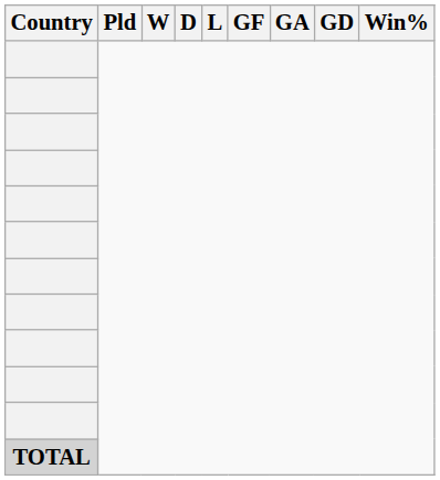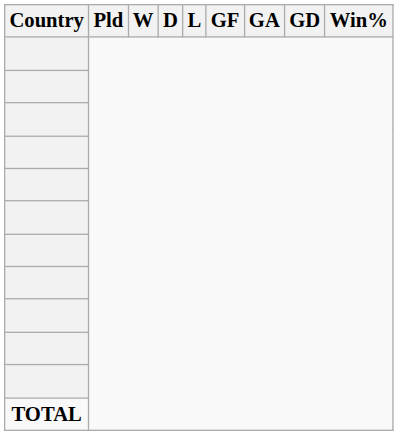 <table class="wikitable sortable plainrowheaders" style="text-align:center">
 <tr>
 <th scope="col">Country</th>
 <th scope="col">Pld</th>
 <th scope="col">W</th>
 <th scope="col">D</th>
 <th scope="col">L</th>
 <th scope="col">GF</th>
 <th scope="col">GA</th>
 <th scope="col">GD</th>
 <th scope="col">Win%</th>
 </tr>
 <tr>
 <th scope="row" align="left"><br></th>
 </tr>
 <tr>
 <th scope="row" align="left"><br></th>
 </tr>
 <tr>
 <th scope="row" align="left"><br></th>
 </tr>
 <tr>
 <th scope="row" align="left"><br></th>
 </tr>
 <tr>
 <th scope="row" align="left"><br></th>
 </tr>
 <tr>
 <th scope="row" align="left"><br></th>
 </tr>
 <tr>
 <th scope="row" align="left"><br></th>
 </tr>
 <tr>
 <th scope="row" align="left"><br></th>
 </tr>
 <tr>
 <th scope="row" align="left"><br></th>
 </tr>
 <tr>
 <th scope="row" align="left"><br></th>
 </tr>
 <tr>
 <th scope="row" align="left"><br></th>
 </tr>
 <tr>
-<td style="background: lightgrey;"><strong>TOTAL</strong><br></td>
+<td><strong>TOTAL</strong><br></td>
 </tr>
 </table>
